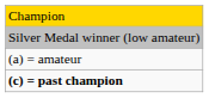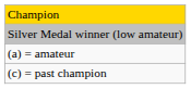 <table class="wikitable">
 <tr style="background:gold">
 <td>Champion</td>
 </tr>
 <tr style="background:silver">
 <td>Silver Medal winner (low amateur)</td>
 </tr>
 <tr>
 <td>(a) = amateur</td>
 </tr>
 <tr>
-<td><strong>(c) = past champion</strong></td>
+<td>(c) = past champion</td>
 </tr>
 </table>
